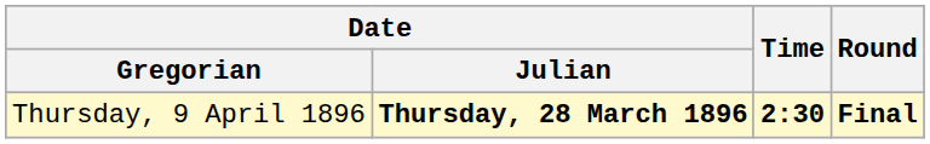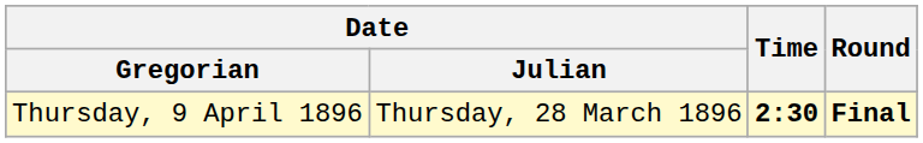 <table class="wikitable">
 <tr>
 <th colspan=2>Date</th>
 <th rowspan=2>Time</th>
 <th rowspan=2>Round</th>
 </tr>
 <tr>
 <th>Gregorian</th>
 <th>Julian</th>
 </tr>
 <tr style=background:lemonchiffon>
 <td>Thursday, 9 April 1896</td>
-<td><strong>Thursday, 28 March 1896</strong></td>
+<td>Thursday, 28 March 1896</td>
 <td><strong>2:30</strong></td>
 <td><strong>Final</strong></td>
 </tr>
 </table>
